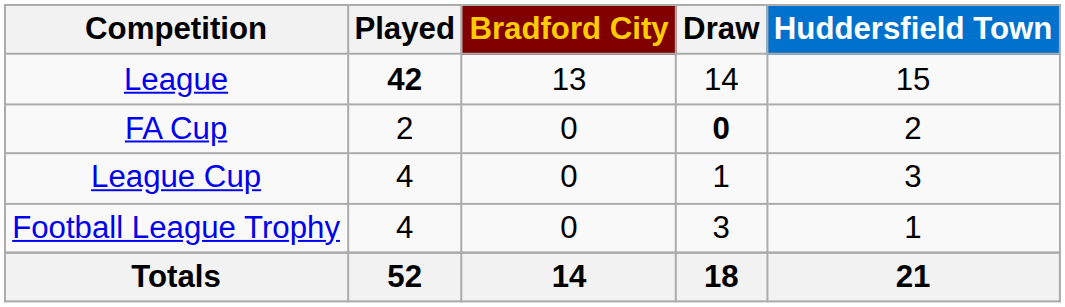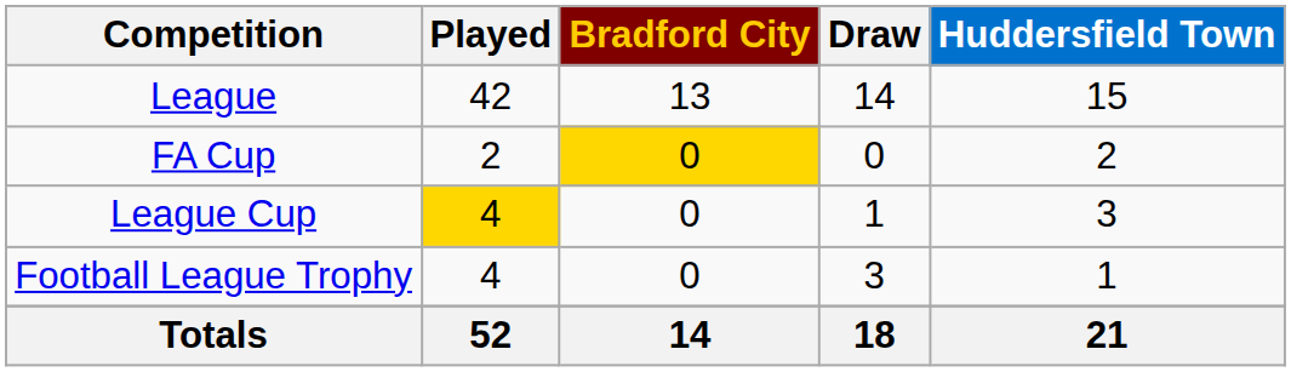 <table class="wikitable" style="text-align:center">
 <tr>
 <th>Competition</th>
 <th>Played</th>
 <th style="background:#800000;color:#FFCC00;">Bradford City</th>
 <th>Draw</th>
 <th style="background:#0072CE;color:#FFFFFF;">Huddersfield Town</th>
 </tr>
 <tr>
 <td><a href='#'>League</a></td>
-<td><strong>42</strong></td>
+<td>42</td>
 <td>13</td>
 <td>14</td>
 <td>15</td>
 </tr>
 <tr>
 <td><a href='#'>FA Cup</a></td>
 <td>2</td>
+<td style="background: gold;">0</td>
 <td>0</td>
-<td><strong>0</strong></td>
 <td>2</td>
 </tr>
 <tr>
 <td><a href='#'>League Cup</a></td>
-<td>4</td>
+<td style="background: gold;">4</td>
 <td>0</td>
 <td>1</td>
 <td>3</td>
 </tr>
 <tr>
 <td><a href='#'>Football League Trophy</a></td>
 <td>4</td>
 <td>0</td>
 <td>3</td>
 <td>1</td>
 </tr>
 <tr>
 </tr>
 <tr class="sortbottom">
 <th>Totals</th>
 <th>52</th>
 <th>14</th>
 <th>18</th>
 <th>21</th>
 </tr>
 </table>
